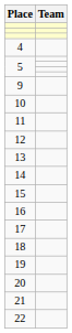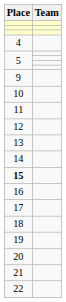 <table class="wikitable">
 <tr>
 <th>Place</th>
 <th>Team</th>
 </tr>
 <tr bgcolor=#ffffcc>
 <td align=center></td>
 <td></td>
 </tr>
 <tr bgcolor=#ffffcc>
 <td align=center></td>
 <td></td>
 </tr>
 <tr bgcolor=#ffffcc>
 <td align=center></td>
 <td></td>
 </tr>
 <tr>
 <td align=center>4</td>
 <td></td>
 </tr>
 <tr>
 <td align=center rowspan="4">5</td>
 <td></td>
 </tr>
 <tr>
 <td></td>
 </tr>
 <tr>
 <td></td>
 </tr>
 <tr>
 <td></td>
 </tr>
 <tr>
 <td align=center>9</td>
 <td></td>
 </tr>
 <tr>
 <td align=center>10</td>
 <td></td>
 </tr>
 <tr>
 <td align=center>11</td>
 <td></td>
 </tr>
 <tr>
 <td align=center>12</td>
 <td></td>
 </tr>
 <tr>
 <td align=center>13</td>
 <td></td>
 </tr>
 <tr>
 <td align=center>14</td>
 <td></td>
 </tr>
 <tr>
-<td align=center>15</td>
+<td align=center><strong>15</strong></td>
 <td></td>
 </tr>
 <tr>
 <td align=center>16</td>
 <td></td>
 </tr>
 <tr>
 <td align=center>17</td>
 <td></td>
 </tr>
 <tr>
 <td align=center>18</td>
 <td></td>
 </tr>
 <tr>
 <td align=center>19</td>
 <td></td>
 </tr>
 <tr>
 <td align=center>20</td>
 <td></td>
 </tr>
 <tr>
 <td align=center>21</td>
 <td></td>
 </tr>
 <tr>
 <td align=center>22</td>
 <td></td>
 </tr>
 </table>
